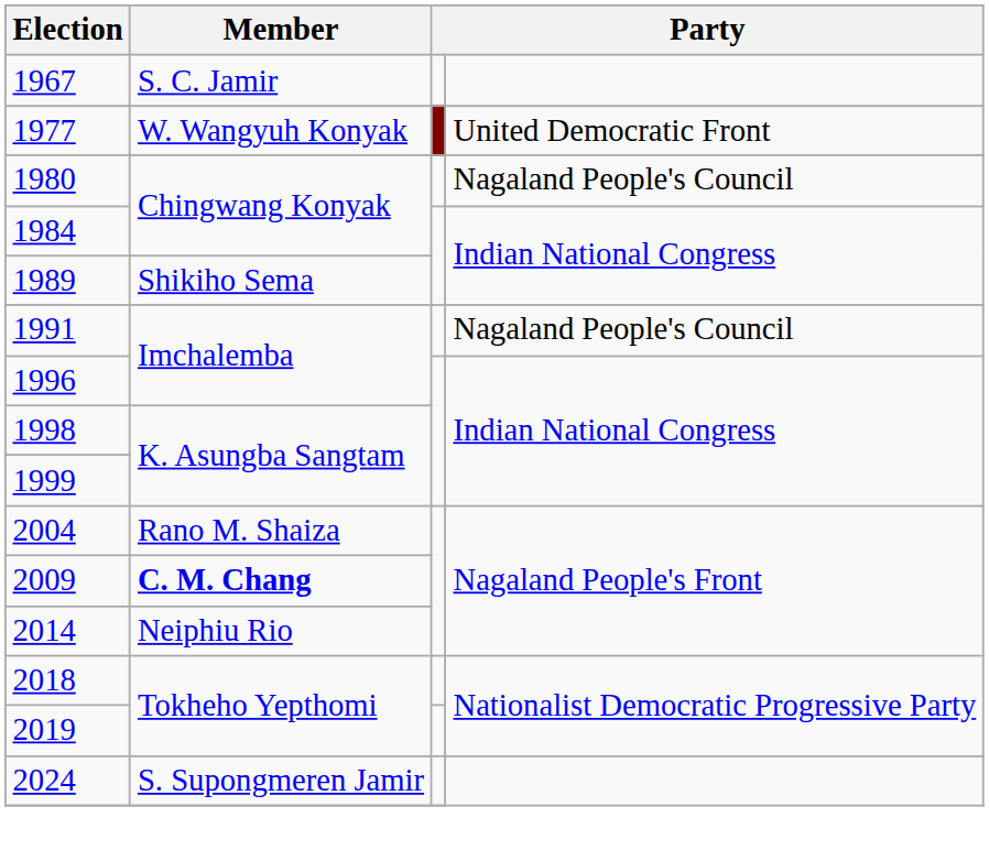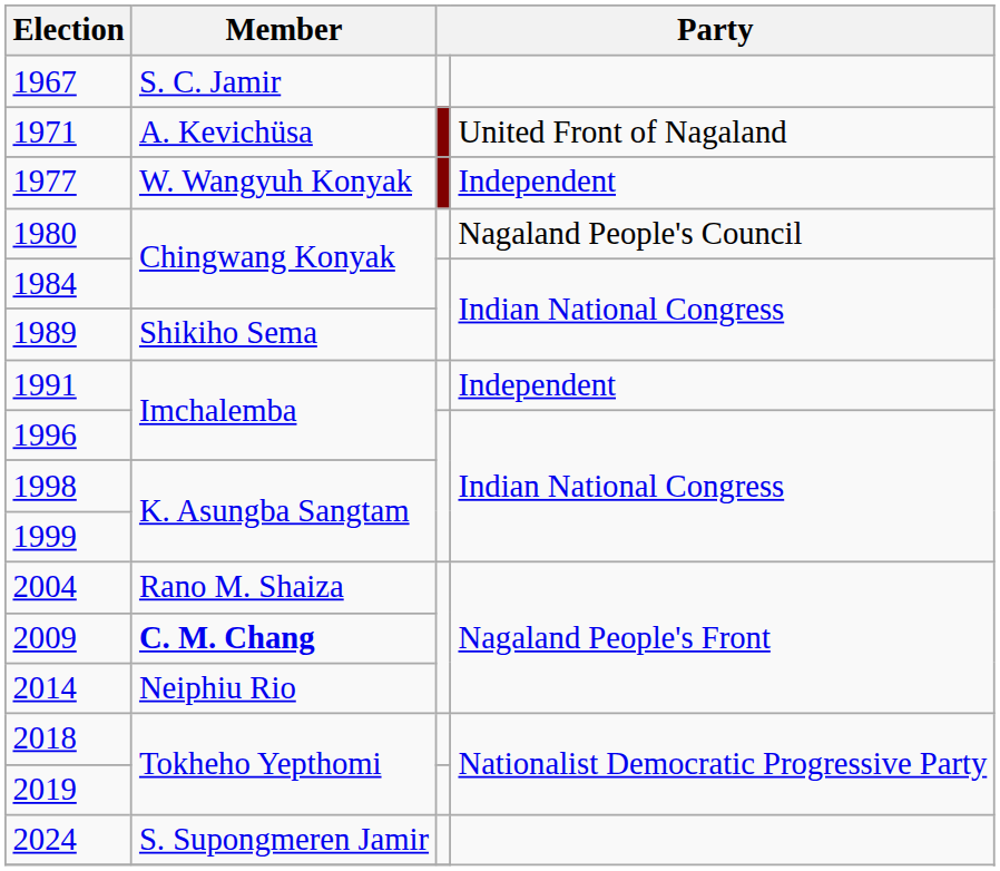 <table class="wikitable">
 <tr>
 <th>Election</th>
 <th>Member</th>
 <th colspan="2">Party</th>
 </tr>
 <tr>
 <td><a href='#'>1967</a></td>
 <td><a href='#'>S. C. Jamir</a></td>
 <td></td>
 </tr>
 <tr>
+<td><a href='#'>1971</a></td>
+<td><a href='#'>A. Kevichüsa</a></td>
+<td style="background-color: maroon"></td>
+<td>United Front of Nagaland</td>
+</tr>
+<tr>
 <td><a href='#'>1977</a></td>
 <td><a href='#'>W. Wangyuh Konyak</a></td>
 <td style="background-color: maroon"></td>
-<td>United Democratic Front</td>
+<td><a href='#'>Independent</a></td>
 </tr>
 <tr>
 <td><a href='#'>1980</a></td>
 <td rowspan="2"><a href='#'>Chingwang Konyak</a></td>
 <td style="background-color: "></td>
 <td>Nagaland People's Council</td>
 </tr>
 <tr>
 <td><a href='#'>1984</a></td>
 <td rowspan="2" style="background-color: "></td>
 <td rowspan="2"><a href='#'>Indian National Congress</a></td>
 </tr>
 <tr>
 <td><a href='#'>1989</a></td>
 <td><a href='#'>Shikiho Sema</a></td>
 </tr>
 <tr>
 <td><a href='#'>1991</a></td>
 <td rowspan="2"><a href='#'>Imchalemba</a></td>
 <td style="background-color: "></td>
-<td>Nagaland People's Council</td>
+<td><a href='#'>Independent</a></td>
 </tr>
 <tr>
 <td><a href='#'>1996</a></td>
 <td rowspan="3" style="background-color: "></td>
 <td rowspan="3"><a href='#'>Indian National Congress</a></td>
 </tr>
 <tr>
 <td><a href='#'>1998</a></td>
 <td rowspan="2"><a href='#'>K. Asungba Sangtam</a></td>
 </tr>
 <tr>
 <td><a href='#'>1999</a></td>
 </tr>
 <tr>
 <td><a href='#'>2004</a></td>
 <td><a href='#'>Rano M. Shaiza</a></td>
 <td rowspan="3" style="background-color: "></td>
 <td rowspan="3"><a href='#'>Nagaland People's Front</a></td>
 </tr>
 <tr>
 <td><a href='#'>2009</a></td>
 <td><strong><a href='#'>C. M. Chang</a></strong></td>
 </tr>
 <tr>
 <td><a href='#'>2014</a></td>
 <td><a href='#'>Neiphiu Rio</a></td>
 </tr>
 <tr>
 <td><a href='#'>2018</a></td>
 <td rowspan="2"><a href='#'>Tokheho Yepthomi</a></td>
 <td style="background-color: "></td>
 <td rowspan="2"><a href='#'>Nationalist Democratic Progressive Party</a></td>
 </tr>
 <tr>
 <td><a href='#'>2019</a></td>
 </tr>
 <tr>
 <td><a href='#'>2024</a></td>
 <td><a href='#'>S. Supongmeren Jamir</a></td>
 <td></td>
 </tr>
 <tr>
 </tr>
 </table>
